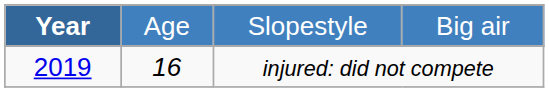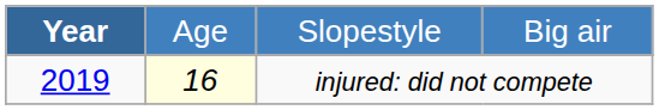 <table class="wikitable" style="font-size:95%; text-align:center; border:grey solid 1px; border-collapse:collapse;" width="25%">
 <tr style="background-color:#369; color:white;">
 <td rowspan="2" colspan="1" width="4%"><strong>Year</strong></td>
 </tr>
 <tr style="background-color:#4180be; color:white;">
 <td width="3%">Age</td>
 <td width="5%">Slopestyle</td>
 <td width="8%">Big air</td>
 </tr>
 <tr style="background-color:#8CB2D8; color:white;">
 </tr>
 <tr>
 <td><a href='#'>2019</a></td>
-<td><em>16</em></td>
+<td style="background: lightyellow;"><em>16</em></td>
 <td colspan=2><em><small>injured: did not compete</small></em></td>
 </tr>
 </table>
